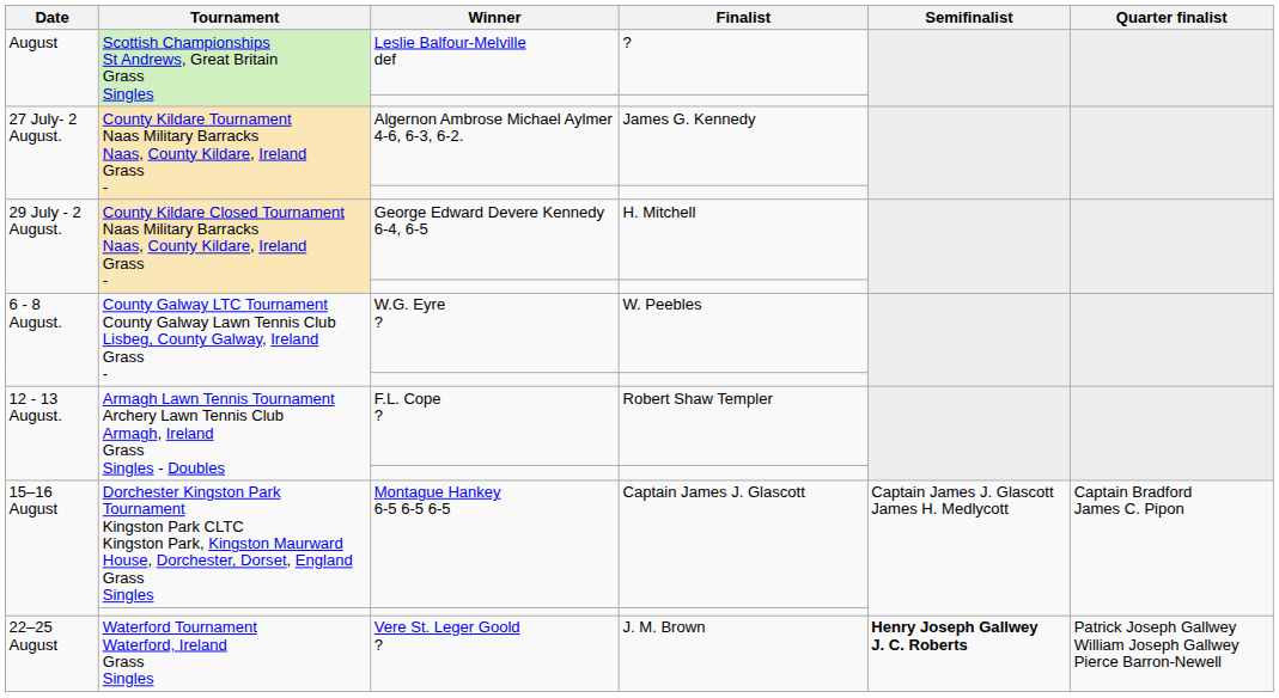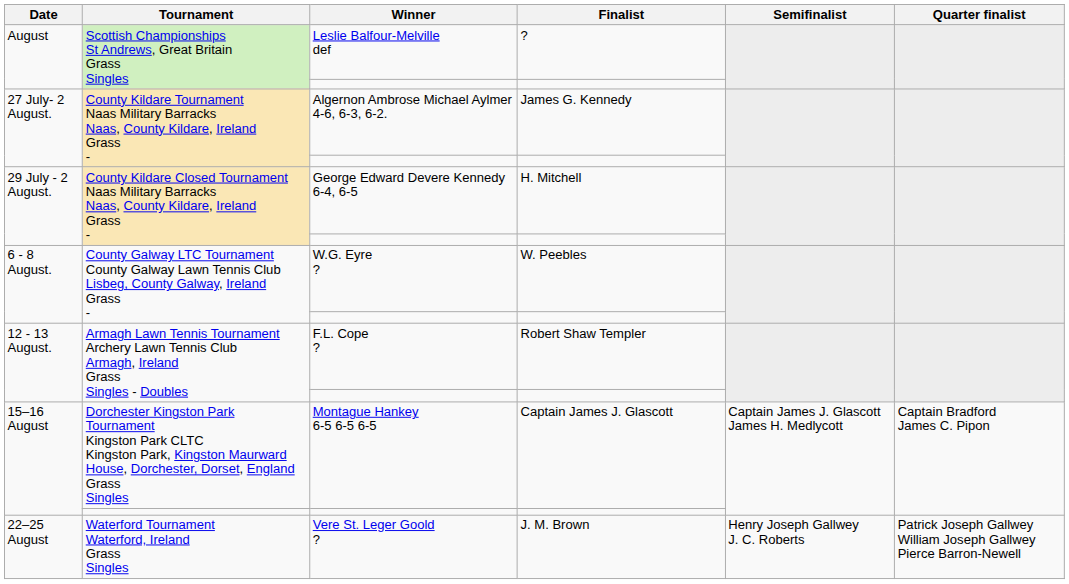 <table class="wikitable" style="font-size:85%;">
 <tr>
 <th width="75">Date</th>
 <th width="230">Tournament</th>
 <th width="210">Winner</th>
 <th width="210">Finalist</th>
 <th width="170">Semifinalist</th>
 <th width="170">Quarter finalist</th>
 </tr>
 <tr valign=top>
 <td rowspan=2>August</td>
 <td style="background:#d0f0c0" rowspan=2><a href='#'>Scottish Championships</a><br> <a href='#'>St Andrews</a>, Great Britain<br>Grass<br> <a href='#'>Singles</a></td>
 <td> <a href='#'>Leslie Balfour-Melville</a><br> def</td>
 <td>?</td>
 <td style="background:#ededed;" rowspan=2></td>
 <td style="background:#ededed;" rowspan=2></td>
 </tr>
 <tr valign=top>
 <td></td>
 <td></td>
 </tr>
 <tr valign=top>
 <td rowspan=2>27 July- 2 August.</td>
 <td style="background:#fae7b5" rowspan=2><a href='#'>County Kildare Tournament</a><br>Naas Military Barracks<br><a href='#'>Naas</a>, <a href='#'>County Kildare</a>, <a href='#'>Ireland</a><br>Grass<br> -</td>
 <td>  Algernon Ambrose Michael Aylmer<br>4-6, 6-3, 6-2.</td>
 <td> James G. Kennedy</td>
 <td style="background:#ededed;" rowspan=2></td>
 <td style="background:#ededed;" rowspan=2></td>
 </tr>
 <tr valign=top>
 <td></td>
 <td></td>
 </tr>
 <tr valign=top>
 <td rowspan=2>29 July - 2 August.</td>
 <td style="background:#fae7b5" rowspan=2><a href='#'>County Kildare Closed Tournament</a><br>Naas Military Barracks<br><a href='#'>Naas</a>, <a href='#'>County Kildare</a>, <a href='#'>Ireland</a><br>Grass<br> -</td>
 <td>  George Edward Devere Kennedy<br>6-4, 6-5</td>
 <td> H. Mitchell</td>
 <td style="background:#ededed;" rowspan=2></td>
 <td style="background:#ededed;" rowspan=2></td>
 </tr>
 <tr valign=top>
 <td></td>
 <td></td>
 </tr>
 <tr valign=top>
 <td rowspan=2>6 - 8 August.</td>
 <td rowspan=2><a href='#'>County Galway LTC Tournament</a><br>County Galway Lawn Tennis Club<br><a href='#'>Lisbeg, County Galway</a>, <a href='#'>Ireland</a><br>Grass<br> -</td>
 <td> W.G. Eyre<br>?</td>
 <td> W. Peebles</td>
 <td style="background:#ededed;" rowspan=2></td>
 <td style="background:#ededed;" rowspan=2></td>
 </tr>
 <tr valign=top>
 <td></td>
 <td></td>
 </tr>
 <tr valign=top>
 <td rowspan=2>12 - 13 August.</td>
 <td rowspan=2><a href='#'>Armagh Lawn Tennis Tournament</a><br>Archery Lawn Tennis Club<br><a href='#'>Armagh</a>, <a href='#'>Ireland</a><br>Grass<br><a href='#'>Singles</a> - <a href='#'>Doubles</a></td>
 <td> F.L. Cope <br>?</td>
 <td> Robert Shaw Templer</td>
 <td style="background:#ededed;" rowspan=2></td>
 <td style="background:#ededed;" rowspan=2></td>
 </tr>
 <tr valign=top>
 <td></td>
 <td></td>
 </tr>
 <tr valign=top>
 <td rowspan=2>15–16 August</td>
 <td><a href='#'>Dorchester Kingston Park Tournament</a><br>Kingston Park CLTC<br>Kingston Park, <a href='#'>Kingston Maurward House</a>, <a href='#'>Dorchester, Dorset</a>, <a href='#'>England</a><br>Grass <br><a href='#'>Singles</a></td>
 <td> <a href='#'>Montague Hankey</a><br>6-5 6-5 6-5</td>
 <td> Captain James J. Glascott</td>
 <td rowspan=2> Captain James J. Glascott<br>   James H.  Medlycott</td>
 <td rowspan=2> Captain Bradford <br>  James C. Pipon <br> </td>
 </tr>
 <tr valign=top>
 <td></td>
 <td></td>
 </tr>
 <tr valign=top>
 <td rowspan=2>22–25 August</td>
 <td><a href='#'>Waterford Tournament</a><br> <a href='#'>Waterford, Ireland</a><br>Grass<br><a href='#'>Singles</a></td>
 <td> <a href='#'>Vere St. Leger Goold</a><br>?</td>
 <td> J. M. Brown</td>
-<td><strong> Henry Joseph Gallwey<br>  J. C. Roberts<br></strong></td>
+<td> Henry Joseph Gallwey<br>  J. C. Roberts<br></td>
 <td> Patrick Joseph Gallwey<br>  William Joseph Gallwey<br>  Pierce Barron-Newell</td>
 </tr>
 </table>
